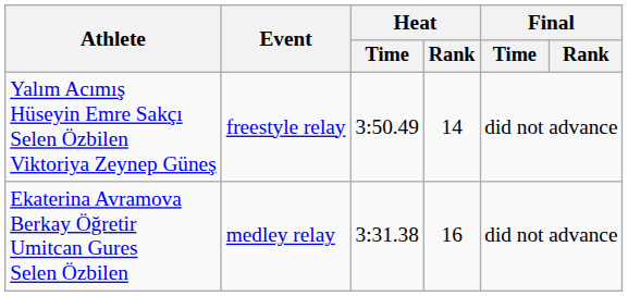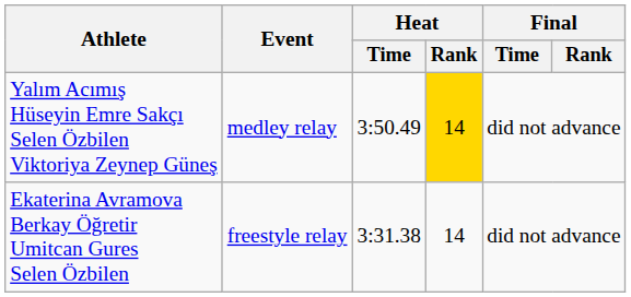 <table class="wikitable" style="text-align:center; font-size:90%">
 <tr>
 <th rowspan=2>Athlete</th>
 <th rowspan=2>Event</th>
 <th colspan=2>Heat</th>
 <th colspan=2>Final</th>
 </tr>
 <tr style="font-size:95%">
 <th>Time</th>
 <th>Rank</th>
 <th>Time</th>
 <th>Rank</th>
 </tr>
 <tr>
 <td align=left><a href='#'>Yalım Acımış</a><br><a href='#'>Hüseyin Emre Sakçı</a><br><a href='#'>Selen Özbilen</a><br><a href='#'>Viktoriya Zeynep Güneş</a></td>
-<td align=left><a href='#'> freestyle relay</a></td>
+<td align=left><a href='#'> medley relay</a></td>
 <td>3:50.49</td>
-<td>14</td>
+<td style="background: gold;">14</td>
 <td colspan=2>did not advance</td>
 </tr>
 <tr>
 <td align=left><a href='#'>Ekaterina Avramova</a><br><a href='#'>Berkay Öğretir</a><br><a href='#'>Umitcan Gures</a><br><a href='#'>Selen Özbilen</a></td>
-<td align=left><a href='#'> medley relay</a></td>
+<td align=left><a href='#'> freestyle relay</a></td>
 <td>3:31.38</td>
-<td>16</td>
+<td>14</td>
 <td colspan=2>did not advance</td>
 </tr>
 </table>
